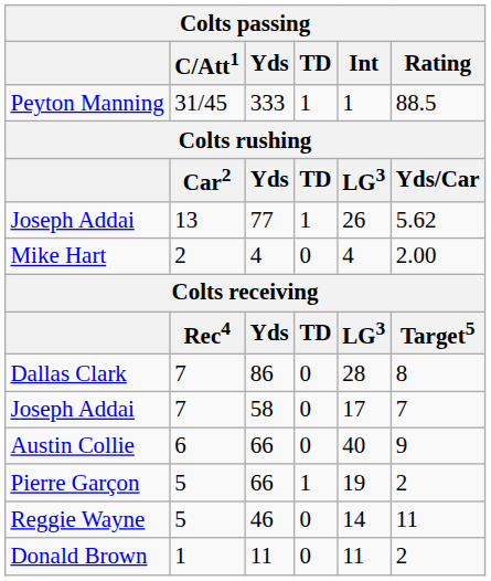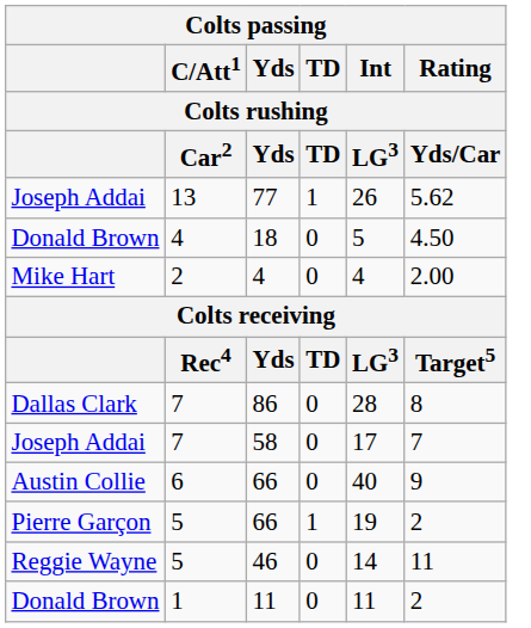 <table class="wikitable">
 <tr>
 <th colspan="6">Colts passing</th>
 </tr>
 <tr>
 <th> </th>
 <th>C/Att<sup>1</sup></th>
 <th>Yds</th>
 <th>TD</th>
 <th>Int</th>
 <th>Rating</th>
-</tr>
-<tr>
-<td><a href='#'>Peyton Manning</a></td>
-<td>31/45</td>
-<td>333</td>
-<td>1</td>
-<td>1</td>
-<td>88.5</td>
 </tr>
 <tr>
 <th colspan="6">Colts rushing</th>
 </tr>
 <tr>
 <th> </th>
 <th>Car<sup>2</sup></th>
 <th>Yds</th>
 <th>TD</th>
 <th>LG<sup>3</sup></th>
 <th>Yds/Car</th>
 </tr>
 <tr>
 <td><a href='#'>Joseph Addai</a></td>
 <td>13</td>
 <td>77</td>
 <td>1</td>
 <td>26</td>
 <td>5.62</td>
+</tr>
+<tr>
+<td><a href='#'>Donald Brown</a></td>
+<td>4</td>
+<td>18</td>
+<td>0</td>
+<td>5</td>
+<td>4.50</td>
 </tr>
 <tr>
 <td><a href='#'>Mike Hart</a></td>
 <td>2</td>
 <td>4</td>
 <td>0</td>
 <td>4</td>
 <td>2.00</td>
 </tr>
 <tr>
 <th colspan="6">Colts receiving</th>
 </tr>
 <tr>
 <th> </th>
 <th>Rec<sup>4</sup></th>
 <th>Yds</th>
 <th>TD</th>
 <th>LG<sup>3</sup></th>
 <th>Target<sup>5</sup></th>
 </tr>
 <tr>
 <td><a href='#'>Dallas Clark</a></td>
 <td>7</td>
 <td>86</td>
 <td>0</td>
 <td>28</td>
 <td>8</td>
 </tr>
 <tr>
 <td><a href='#'>Joseph Addai</a></td>
 <td>7</td>
 <td>58</td>
 <td>0</td>
 <td>17</td>
 <td>7</td>
 </tr>
 <tr>
 <td><a href='#'>Austin Collie</a></td>
 <td>6</td>
 <td>66</td>
 <td>0</td>
 <td>40</td>
 <td>9</td>
 </tr>
 <tr>
 <td><a href='#'>Pierre Garçon</a></td>
 <td>5</td>
 <td>66</td>
 <td>1</td>
 <td>19</td>
 <td>2</td>
 </tr>
 <tr>
 <td><a href='#'>Reggie Wayne</a></td>
 <td>5</td>
 <td>46</td>
 <td>0</td>
 <td>14</td>
 <td>11</td>
 </tr>
 <tr>
 <td><a href='#'>Donald Brown</a></td>
 <td>1</td>
 <td>11</td>
 <td>0</td>
 <td>11</td>
 <td>2</td>
 </tr>
 </table>
